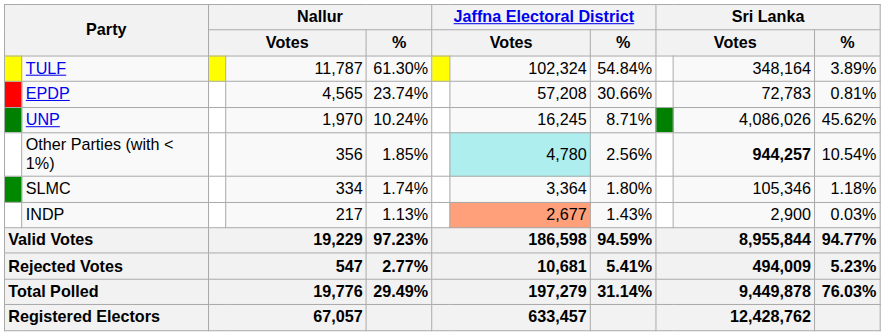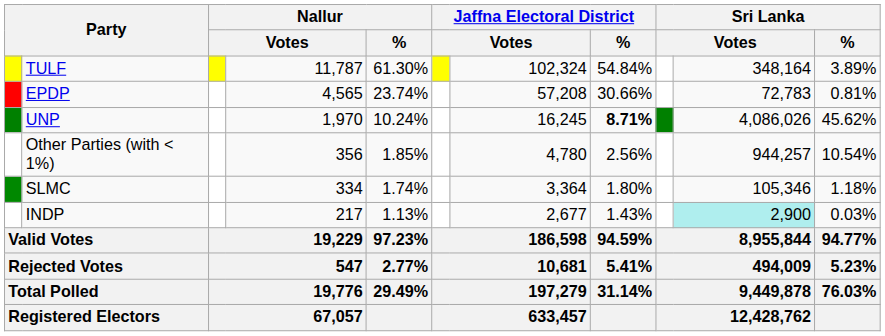 <table class="wikitable">
 <tr>
 <th colspan="2" width="144px"rowspan="2">Party</th>
 <th colspan="3" width="216px">Nallur</th>
 <th colspan="3" width="216px"><a href='#'>Jaffna Electoral District</a></th>
 <th colspan="3" width="216px">Sri Lanka</th>
 </tr>
 <tr>
 <th colspan="2" width="144px">Votes</th>
 <th>%</th>
 <th colspan="2" width="144px">Votes</th>
 <th>%</th>
 <th colspan="2" width="144px">Votes</th>
 <th>%</th>
 </tr>
 <tr>
 <td style="background-color:yellow;" width="10px"></td>
 <td style="text-align:left;"><a href='#'>TULF</a></td>
 <td style="background-color:yellow;" width="10px"></td>
 <td style="text-align:right;">11,787</td>
 <td style="text-align:right;">61.30%</td>
 <td style="background-color:yellow;" width="10px"></td>
 <td style="text-align:right;">102,324</td>
 <td style="text-align:right;">54.84%</td>
 <td style="background-color:white;" width="10px"></td>
 <td style="text-align:right;">348,164</td>
 <td style="text-align:right;">3.89%</td>
 </tr>
 <tr>
 <td style="background-color:red;" width="10px"></td>
 <td style="text-align:left;"><a href='#'>EPDP</a></td>
 <td style="background-color:white;" width="10px"></td>
 <td style="text-align:right;">4,565</td>
 <td style="text-align:right;">23.74%</td>
 <td style="background-color:white;" width="10px"></td>
 <td style="text-align:right;">57,208</td>
 <td style="text-align:right;">30.66%</td>
 <td style="background-color:white;" width="10px"></td>
 <td style="text-align:right;">72,783</td>
 <td style="text-align:right;">0.81%</td>
 </tr>
 <tr>
 <td style="background-color:green;" width="10px"></td>
 <td style="text-align:left;"><a href='#'>UNP</a></td>
 <td style="background-color:white;" width="10px"></td>
 <td style="text-align:right;">1,970</td>
 <td style="text-align:right;">10.24%</td>
 <td style="background-color:white;" width="10px"></td>
 <td style="text-align:right;">16,245</td>
-<td style="text-align:right;">8.71%</td>
+<td style="text-align:right;"><strong>8.71%</strong></td>
 <td style="background-color:green;" width="10px"></td>
 <td style="text-align:right;">4,086,026</td>
 <td style="text-align:right;">45.62%</td>
 </tr>
 <tr>
 <td style="background-color:white;" width="10px"></td>
 <td style="text-align:left;">Other Parties (with < 1%)</td>
 <td style="background-color:white;" width="10px"></td>
 <td style="text-align:right;">356</td>
 <td style="text-align:right;">1.85%</td>
 <td style="background-color:white;" width="10px"></td>
-<td style="background: paleturquoise; text-align:right;">4,780</td>
+<td style="text-align:right;">4,780</td>
 <td style="text-align:right;">2.56%</td>
 <td style="background-color:white;" width="10px"></td>
-<td style="text-align:right;"><strong>944,257</strong></td>
+<td style="text-align:right;">944,257</td>
 <td style="text-align:right;">10.54%</td>
 </tr>
 <tr>
 <td style="background-color:#008800;" width="10px"></td>
 <td style="text-align:left;">SLMC</td>
 <td style="background-color:white;" width="10px"></td>
 <td style="text-align:right;">334</td>
 <td style="text-align:right;">1.74%</td>
 <td style="background-color:white;" width="10px"></td>
 <td style="text-align:right;">3,364</td>
 <td style="text-align:right;">1.80%</td>
 <td style="background-color:white;" width="10px"></td>
 <td style="text-align:right;">105,346</td>
 <td style="text-align:right;">1.18%</td>
 </tr>
 <tr>
 <td style="background-color:white;" width="10px"></td>
 <td style="text-align:left;">INDP</td>
 <td style="background-color:white;" width="10px"></td>
 <td style="text-align:right;">217</td>
 <td style="text-align:right;">1.13%</td>
 <td style="background-color:white;" width="10px"></td>
-<td style="background: lightsalmon; text-align:right;">2,677</td>
+<td style="text-align:right;">2,677</td>
 <td style="text-align:right;">1.43%</td>
 <td style="background-color:white;" width="10px"></td>
-<td style="text-align:right;">2,900</td>
+<td style="background: paleturquoise; text-align:right;">2,900</td>
 <td style="text-align:right;">0.03%</td>
 </tr>
 <tr>
 <th colspan="2" width="144px"style="text-align:left;">Valid Votes</th>
 <th style="text-align:right;"colspan="2" width="144px">19,229</th>
 <th style="text-align:right;">97.23%</th>
 <th style="text-align:right;"colspan="2" width="144px">186,598</th>
 <th style="text-align:right;">94.59%</th>
 <th style="text-align:right;"colspan="2" width="144px">8,955,844</th>
 <th style="text-align:right;">94.77%</th>
 </tr>
 <tr>
 <th colspan="2" width="144px"style="text-align:left;">Rejected Votes</th>
 <th style="text-align:right;"colspan="2" width="144px">547</th>
 <th style="text-align:right;">2.77%</th>
 <th style="text-align:right;"colspan="2" width="144px">10,681</th>
 <th style="text-align:right;">5.41%</th>
 <th style="text-align:right;"colspan="2" width="144px">494,009</th>
 <th style="text-align:right;">5.23%</th>
 </tr>
 <tr>
 <th colspan="2" width="144px"style="text-align:left;">Total Polled</th>
 <th style="text-align:right;"colspan="2" width="144px">19,776</th>
 <th style="text-align:right;">29.49%</th>
 <th style="text-align:right;"colspan="2" width="144px">197,279</th>
 <th style="text-align:right;">31.14%</th>
 <th style="text-align:right;"colspan="2" width="144px">9,449,878</th>
 <th style="text-align:right;">76.03%</th>
 </tr>
 <tr>
 <th colspan="2" width="144px"style="text-align:left;">Registered Electors</th>
 <th style="text-align:right;"colspan="2" width="144px">67,057</th>
 <th></th>
 <th style="text-align:right;"colspan="2" width="144px">633,457</th>
 <th></th>
 <th style="text-align:right;"colspan="2" width="144px">12,428,762</th>
 <th></th>
 </tr>
 </table>
